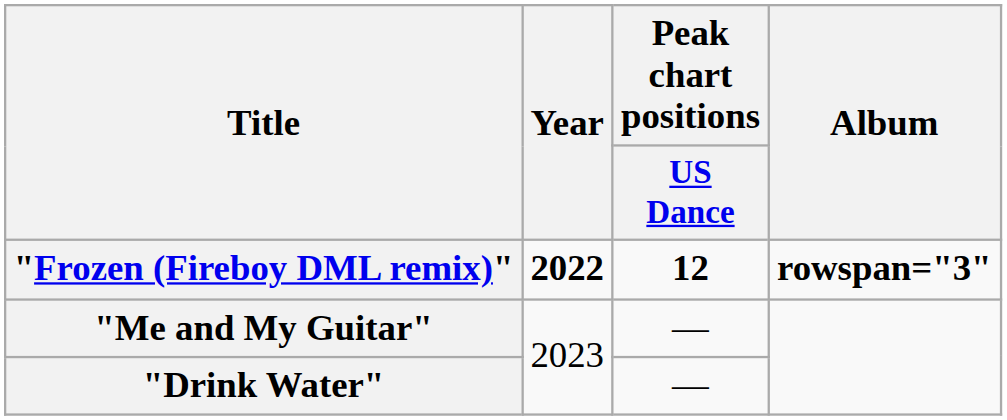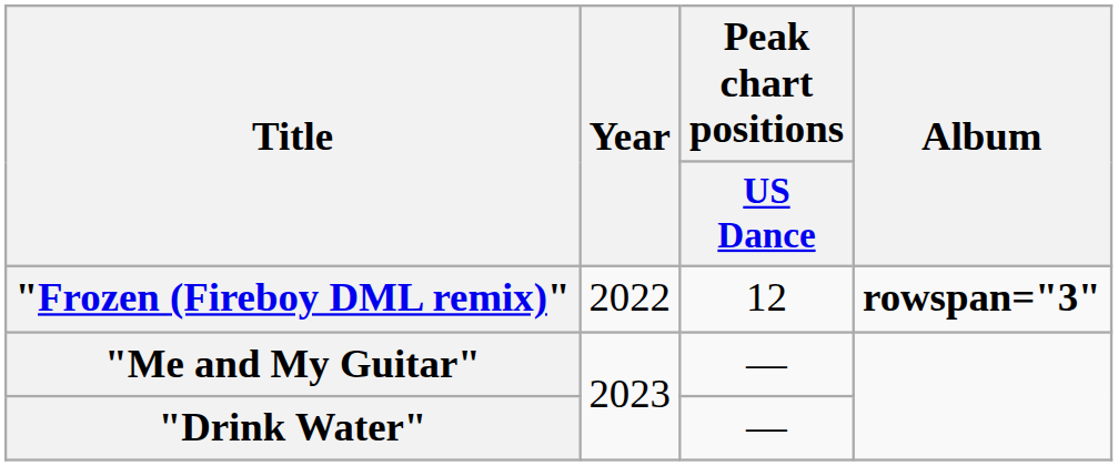 <table class="wikitable plainrowheaders" style="text-align:center">
 <tr>
 <th rowspan="2">Title</th>
 <th rowspan="2">Year</th>
 <th>Peak chart positions</th>
 <th rowspan="2">Album</th>
 </tr>
 <tr>
 <th scope="col" style="width:2.5em;font-size:90%;"><a href='#'>US<br>Dance</a><br></th>
 </tr>
 <tr>
 <th scope="row">"<a href='#'>Frozen (Fireboy DML remix)</a>"<br></th>
-<td><strong>2022</strong></td>
-<td><strong>12</strong></td>
+<td>2022</td>
+<td>12</td>
 <td><strong>rowspan="3" </strong></td>
 </tr>
 <tr>
 <th scope="row">"Me and My Guitar"<br></th>
 <td rowspan="2">2023</td>
 <td>—</td>
 </tr>
 <tr>
 <th scope="row">"Drink Water" <br></th>
 <td>—</td>
 </tr>
 </table>
